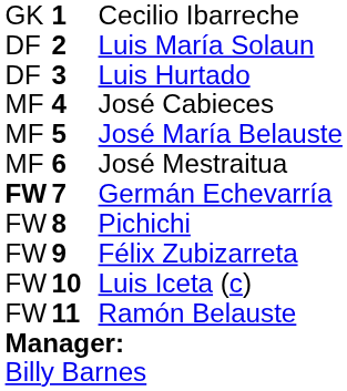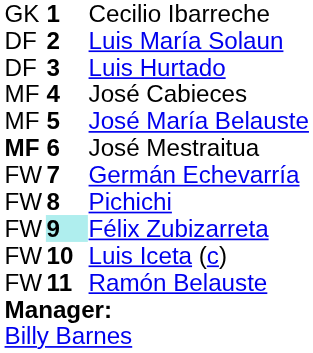 <table style="font-size:90%; margin:0.2em auto;" cellspacing="0" cellpadding="0">
 <tr>
 <th width="25"></th>
 <th width="25"></th>
 </tr>
 <tr>
 <td>GK</td>
 <td><strong>1</strong></td>
 <td> Cecilio Ibarreche</td>
 </tr>
 <tr>
 <td>DF</td>
 <td><strong>2</strong></td>
 <td> <a href='#'>Luis María Solaun</a></td>
 </tr>
 <tr>
 <td>DF</td>
 <td><strong>3</strong></td>
 <td> <a href='#'>Luis Hurtado</a></td>
 </tr>
 <tr>
 <td>MF</td>
 <td><strong>4</strong></td>
 <td> José Cabieces</td>
 </tr>
 <tr>
 <td>MF</td>
 <td><strong>5</strong></td>
 <td> <a href='#'>José María Belauste</a></td>
 </tr>
 <tr>
-<td>MF</td>
+<td><strong>MF</strong></td>
 <td><strong>6</strong></td>
 <td> José Mestraitua</td>
 </tr>
 <tr>
-<td><strong>FW</strong></td>
+<td>FW</td>
 <td><strong>7</strong></td>
 <td> <a href='#'>Germán Echevarría</a></td>
 </tr>
 <tr>
 <td>FW</td>
 <td><strong>8</strong></td>
 <td> <a href='#'>Pichichi</a></td>
 </tr>
 <tr>
 <td>FW</td>
-<td><strong>9</strong></td>
+<td style="background: paleturquoise;"><strong>9</strong></td>
 <td> <a href='#'>Félix Zubizarreta</a></td>
 </tr>
 <tr>
 <td>FW</td>
 <td><strong>10</strong></td>
 <td> <a href='#'>Luis Iceta</a> (<a href='#'>c</a>)</td>
 </tr>
 <tr>
 <td>FW</td>
 <td><strong>11</strong></td>
 <td> <a href='#'>Ramón Belauste</a></td>
 </tr>
 <tr>
 <td colspan=3><strong>Manager:</strong></td>
 </tr>
 <tr>
 <td colspan=4> <a href='#'>Billy Barnes</a></td>
 </tr>
 </table>
